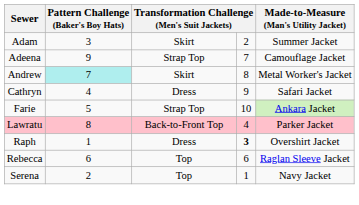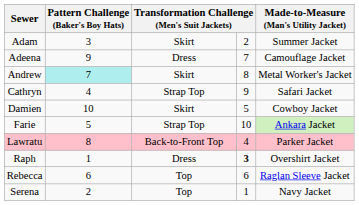 <table class="wikitable" style="text-align:center;">
 <tr>
 <th>Sewer</th>
 <th>Pattern Challenge<br><small>(Baker's Boy Hats)</small></th>
 <th colspan="2">Transformation Challenge<br><small>(Men's Suit Jackets)</small></th>
 <th>Made-to-Measure<br><small>(Man's Utility Jacket)</small></th>
 </tr>
 <tr>
 <td>Adam</td>
 <td>3</td>
 <td>Skirt</td>
 <td>2</td>
 <td>Summer Jacket</td>
 </tr>
 <tr>
 <td>Adeena</td>
 <td>9</td>
-<td>Strap Top</td>
+<td>Dress</td>
 <td>7</td>
 <td>Camouflage Jacket</td>
 </tr>
 <tr>
 <td>Andrew</td>
 <td style="background: paleturquoise;">7</td>
 <td>Skirt</td>
 <td>8</td>
 <td>Metal Worker's Jacket</td>
 </tr>
 <tr>
 <td>Cathryn</td>
 <td>4</td>
-<td>Dress</td>
+<td>Strap Top</td>
 <td>9</td>
 <td>Safari Jacket</td>
+</tr>
+<tr>
+<td>Damien</td>
+<td>10</td>
+<td>Skirt</td>
+<td>5</td>
+<td>Cowboy Jacket</td>
 </tr>
 <tr>
 <td>Farie</td>
 <td>5</td>
 <td>Strap Top</td>
 <td>10</td>
 <td style="background:#d0f0c0"><a href='#'>Ankara</a> Jacket</td>
 </tr>
 <tr style="background:pink">
 <td>Lawratu</td>
 <td>8</td>
 <td>Back-to-Front Top</td>
 <td>4</td>
 <td>Parker Jacket</td>
 </tr>
 <tr>
 <td>Raph</td>
 <td>1</td>
 <td>Dress</td>
 <td><strong>3</strong></td>
 <td>Overshirt Jacket</td>
 </tr>
 <tr>
 <td>Rebecca</td>
 <td>6</td>
 <td>Top</td>
 <td>6</td>
 <td><a href='#'>Raglan Sleeve</a> Jacket</td>
 </tr>
 <tr>
 <td>Serena</td>
 <td>2</td>
 <td>Top</td>
 <td>1</td>
 <td>Navy Jacket</td>
 </tr>
 </table>
